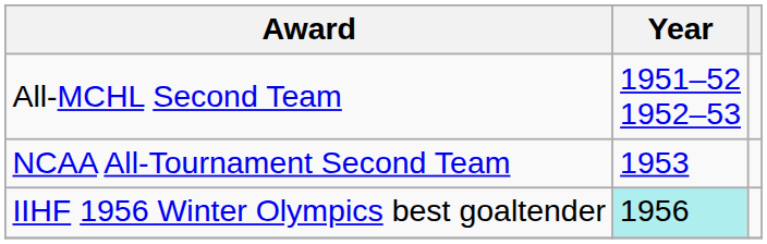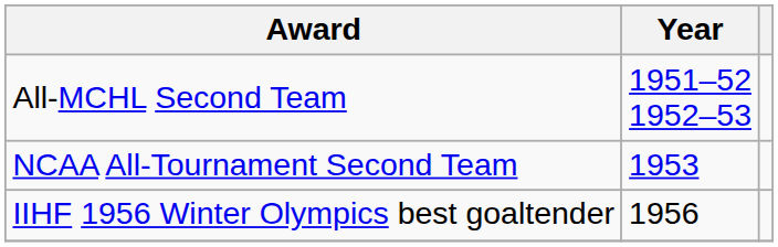 <table class="wikitable">
 <tr>
 <th>Award</th>
 <th>Year</th>
 <th></th>
 </tr>
 <tr>
 <td>All-<a href='#'>MCHL</a> <a href='#'>Second Team</a></td>
 <td><a href='#'>1951–52</a><br><a href='#'>1952–53</a></td>
 <td></td>
 </tr>
 <tr>
 <td><a href='#'>NCAA</a> <a href='#'>All-Tournament Second Team</a></td>
 <td><a href='#'>1953</a></td>
 <td></td>
 </tr>
 <tr>
 <td><a href='#'>IIHF</a> <a href='#'>1956 Winter Olympics</a> best goaltender</td>
-<td style="background: paleturquoise;">1956</td>
+<td>1956</td>
 <td></td>
 </tr>
 <tr>
 </tr>
 </table>
